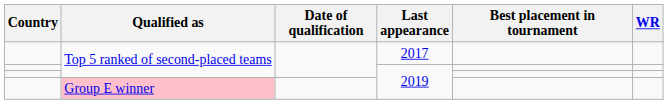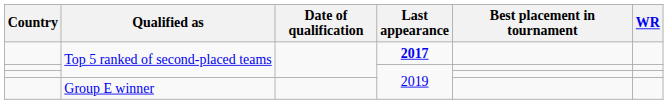 <table class="wikitable sortable">
 <tr>
 <th>Country</th>
 <th>Qualified as</th>
 <th scope="col" width="110">Date of qualification</th>
 <th scope="col" width="50">Last appearance</th>
 <th scope="col" width="200">Best placement in tournament</th>
 <th><a href='#'>WR</a></th>
 </tr>
 <tr>
 <td></td>
 <td rowspan=3><a href='#'>Top 5 ranked of second-placed teams</a></td>
 <td rowspan=3></td>
-<td align=center><a href='#'>2017</a></td>
+<td align=center><strong><a href='#'>2017</a></strong></td>
 <td></td>
 <td align="center"></td>
 </tr>
 <tr>
 <td></td>
 <td align=center rowspan=3><a href='#'>2019</a></td>
 <td></td>
 <td align="center"></td>
 </tr>
 <tr>
 <td></td>
 <td></td>
 <td align="center"></td>
 </tr>
 <tr>
 <td></td>
-<td style="background: pink;"><a href='#'>Group E winner</a></td>
+<td><a href='#'>Group E winner</a></td>
 <td></td>
 <td></td>
 <td align="center"></td>
 </tr>
 </table>
